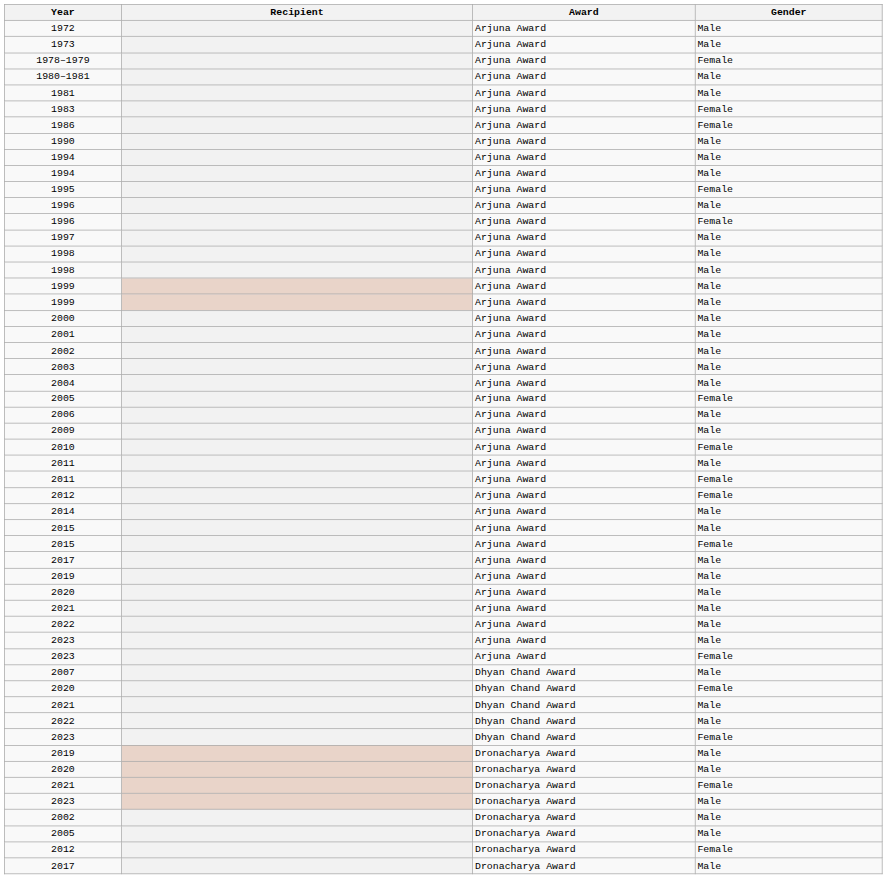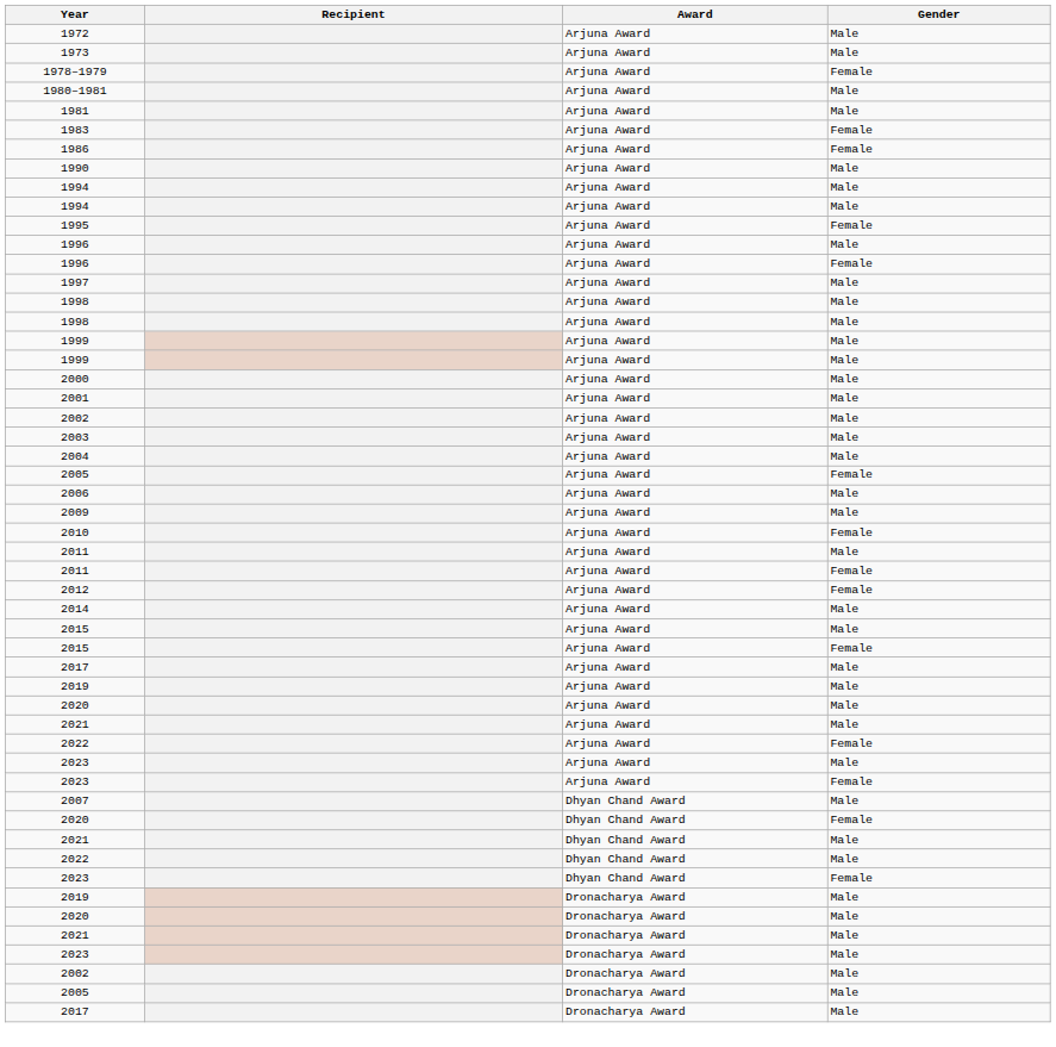 <table class="wikitable plainrowheaders sortable" style="width:73%">
 <tr>
 <th scope="col" style="width:10%">Year</th>
 <th scope="col" style="width:30%">Recipient</th>
 <th scope="col" style="width:19%">Award</th>
 <th scope="col" style="width:16%">Gender</th>
 </tr>
 <tr>
 <td style="text-align:center;">1972</td>
 <th scope="row"></th>
 <td>Arjuna Award</td>
 <td>Male</td>
 </tr>
 <tr>
 <td style="text-align:center;">1973</td>
 <th scope="row"></th>
 <td>Arjuna Award</td>
 <td>Male</td>
 </tr>
 <tr>
 <td style="text-align:center;">1978–1979</td>
 <th scope="row"></th>
 <td>Arjuna Award</td>
 <td>Female</td>
 </tr>
 <tr>
 <td style="text-align:center;">1980–1981</td>
 <th scope="row"></th>
 <td>Arjuna Award</td>
 <td>Male</td>
 </tr>
 <tr>
 <td style="text-align:center;">1981</td>
 <th scope="row"></th>
 <td>Arjuna Award</td>
 <td>Male</td>
 </tr>
 <tr>
 <td style="text-align:center;">1983</td>
 <th scope="row"></th>
 <td>Arjuna Award</td>
 <td>Female</td>
 </tr>
 <tr>
 <td style="text-align:center;">1986</td>
 <th scope="row"></th>
 <td>Arjuna Award</td>
 <td>Female</td>
 </tr>
 <tr>
 <td style="text-align:center;">1990</td>
 <th scope="row"></th>
 <td>Arjuna Award</td>
 <td>Male</td>
 </tr>
 <tr>
 <td style="text-align:center;">1994</td>
 <th scope="row"></th>
 <td>Arjuna Award</td>
 <td>Male</td>
 </tr>
 <tr>
 <td style="text-align:center;">1994</td>
 <th scope="row"></th>
 <td>Arjuna Award</td>
 <td>Male</td>
 </tr>
 <tr>
 <td style="text-align:center;">1995</td>
 <th scope="row"></th>
 <td>Arjuna Award</td>
 <td>Female</td>
 </tr>
 <tr>
 <td style="text-align:center;">1996</td>
 <th scope="row"></th>
 <td>Arjuna Award</td>
 <td>Male</td>
 </tr>
 <tr>
 <td style="text-align:center;">1996</td>
 <th scope="row"></th>
 <td>Arjuna Award</td>
 <td>Female</td>
 </tr>
 <tr>
 <td style="text-align:center;">1997</td>
 <th scope="row"></th>
 <td>Arjuna Award</td>
 <td>Male</td>
 </tr>
 <tr>
 <td style="text-align:center;">1998</td>
 <th scope="row"></th>
 <td>Arjuna Award</td>
 <td>Male</td>
 </tr>
 <tr>
 <td style="text-align:center;">1998</td>
 <th scope="row"></th>
 <td>Arjuna Award</td>
 <td>Male</td>
 </tr>
 <tr>
 <td style="text-align:center;">1999</td>
 <th scope="row" style="background-color:#E9D4C9"> </th>
 <td>Arjuna Award</td>
 <td>Male</td>
 </tr>
 <tr>
 <td style="text-align:center;">1999</td>
 <th scope="row" style="background-color:#E9D4C9"> </th>
 <td>Arjuna Award</td>
 <td>Male</td>
 </tr>
 <tr>
 <td style="text-align:center;">2000</td>
 <th scope="row"></th>
 <td>Arjuna Award</td>
 <td>Male</td>
 </tr>
 <tr>
 <td style="text-align:center;">2001</td>
 <th scope="row"></th>
 <td>Arjuna Award</td>
 <td>Male</td>
 </tr>
 <tr>
 <td style="text-align:center;">2002</td>
 <th scope="row"></th>
 <td>Arjuna Award</td>
 <td>Male</td>
 </tr>
 <tr>
 <td style="text-align:center;">2003</td>
 <th scope="row"></th>
 <td>Arjuna Award</td>
 <td>Male</td>
 </tr>
 <tr>
 <td style="text-align:center;">2004</td>
 <th scope="row"></th>
 <td>Arjuna Award</td>
 <td>Male</td>
 </tr>
 <tr>
 <td style="text-align:center;">2005</td>
 <th scope="row"></th>
 <td>Arjuna Award</td>
 <td>Female</td>
 </tr>
 <tr>
 <td style="text-align:center;">2006</td>
 <th scope="row"></th>
 <td>Arjuna Award</td>
 <td>Male</td>
 </tr>
 <tr>
 <td style="text-align:center;">2009</td>
 <th scope="row"></th>
 <td>Arjuna Award</td>
 <td>Male</td>
 </tr>
 <tr>
 <td style="text-align:center;">2010</td>
 <th scope="row"></th>
 <td>Arjuna Award</td>
 <td>Female</td>
 </tr>
 <tr>
 <td style="text-align:center;">2011</td>
 <th scope="row"></th>
 <td>Arjuna Award</td>
 <td>Male</td>
 </tr>
 <tr>
 <td style="text-align:center;">2011</td>
 <th scope="row"></th>
 <td>Arjuna Award</td>
 <td>Female</td>
 </tr>
 <tr>
 <td style="text-align:center;">2012</td>
 <th scope="row"></th>
 <td>Arjuna Award</td>
 <td>Female</td>
 </tr>
 <tr>
 <td style="text-align:center;">2014</td>
 <th scope="row"></th>
 <td>Arjuna Award</td>
 <td>Male</td>
 </tr>
 <tr>
 <td style="text-align:center;">2015</td>
 <th scope="row"></th>
 <td>Arjuna Award</td>
 <td>Male</td>
 </tr>
 <tr>
 <td style="text-align:center;">2015</td>
 <th scope="row"></th>
 <td>Arjuna Award</td>
 <td>Female</td>
 </tr>
 <tr>
 <td style="text-align:center;">2017</td>
 <th scope="row"></th>
 <td>Arjuna Award</td>
 <td>Male</td>
 </tr>
 <tr>
 <td style="text-align:center;">2019</td>
 <th scope="row"></th>
 <td>Arjuna Award</td>
 <td>Male</td>
 </tr>
 <tr>
 <td style="text-align:center;">2020</td>
 <th scope="row"></th>
 <td>Arjuna Award</td>
 <td>Male</td>
 </tr>
 <tr>
 <td style="text-align:center;">2021</td>
 <th scope="row"></th>
 <td>Arjuna Award</td>
 <td>Male</td>
 </tr>
 <tr>
 <td style="text-align:center;">2022</td>
 <th scope="row"></th>
 <td>Arjuna Award</td>
-<td>Male</td>
+<td>Female</td>
 </tr>
 <tr>
 <td style="text-align:center;">2023</td>
 <th scope="row"></th>
 <td>Arjuna Award</td>
 <td>Male</td>
 </tr>
 <tr>
 <td style="text-align:center;">2023</td>
 <th scope="row"></th>
 <td>Arjuna Award</td>
 <td>Female</td>
 </tr>
 <tr>
 <td style="text-align:center;">2007</td>
 <th scope="row"></th>
 <td>Dhyan Chand Award</td>
 <td>Male</td>
 </tr>
 <tr>
 <td style="text-align:center;">2020</td>
 <th scope="row"></th>
 <td>Dhyan Chand Award</td>
 <td>Female</td>
 </tr>
 <tr>
 <td style="text-align:center;">2021</td>
 <th scope="row"></th>
 <td>Dhyan Chand Award</td>
 <td>Male</td>
 </tr>
 <tr>
 <td style="text-align:center;">2022</td>
 <th scope="row"></th>
 <td>Dhyan Chand Award</td>
 <td>Male</td>
 </tr>
 <tr>
 <td style="text-align:center;">2023</td>
 <th scope="row"></th>
 <td>Dhyan Chand Award</td>
 <td>Female</td>
 </tr>
 <tr>
 <td style="text-align:center;">2019</td>
 <th scope="row" style="background-color:#E9D4C9"> </th>
 <td>Dronacharya Award</td>
 <td>Male</td>
 </tr>
 <tr>
 <td style="text-align:center;">2020</td>
 <th scope="row" style="background-color:#E9D4C9"> </th>
 <td>Dronacharya Award</td>
 <td>Male</td>
 </tr>
 <tr>
 <td style="text-align:center;">2021</td>
 <th scope="row" style="background-color:#E9D4C9"> </th>
 <td>Dronacharya Award</td>
-<td>Female</td>
+<td>Male</td>
 </tr>
 <tr>
 <td style="text-align:center;">2023</td>
 <th scope="row" style="background-color:#E9D4C9"> </th>
 <td>Dronacharya Award</td>
 <td>Male</td>
 </tr>
 <tr>
 <td style="text-align:center;">2002</td>
 <th scope="row"></th>
 <td>Dronacharya Award</td>
 <td>Male</td>
 </tr>
 <tr>
 <td style="text-align:center;">2005</td>
 <th scope="row"></th>
 <td>Dronacharya Award</td>
 <td>Male</td>
 </tr>
 <tr>
-<td style="text-align:center;">2012</td>
-<th scope="row"></th>
-<td>Dronacharya Award</td>
-<td>Female</td>
-</tr>
-<tr>
 <td style="text-align:center;">2017</td>
 <th scope="row"></th>
 <td>Dronacharya Award</td>
 <td>Male</td>
 </tr>
 </table>
